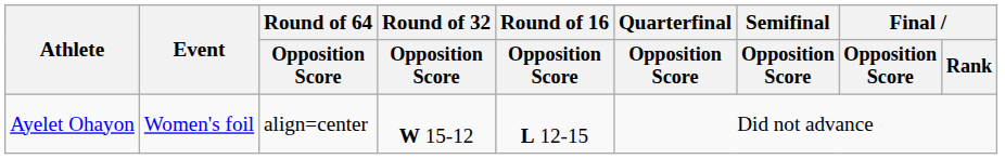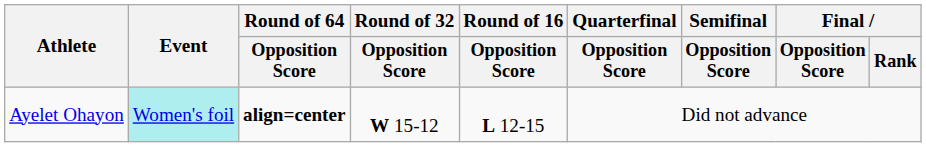 <table class="wikitable" style="font-size:90%">
 <tr>
 <th rowspan="2">Athlete</th>
 <th rowspan="2">Event</th>
 <th>Round of 64</th>
 <th>Round of 32</th>
 <th>Round of 16</th>
 <th>Quarterfinal</th>
 <th>Semifinal</th>
 <th colspan=2>Final / </th>
 </tr>
 <tr style="font-size:95%">
 <th>Opposition <br> Score</th>
 <th>Opposition <br> Score</th>
 <th>Opposition <br> Score</th>
 <th>Opposition <br> Score</th>
 <th>Opposition <br> Score</th>
 <th>Opposition <br> Score</th>
 <th>Rank</th>
 </tr>
 <tr>
 <td align=left><a href='#'>Ayelet Ohayon</a></td>
-<td align=left><a href='#'>Women's foil</a></td>
-<td>align=center </td>
+<td align=left style="background: paleturquoise;"><a href='#'>Women's foil</a></td>
+<td><strong>align=center </strong></td>
 <td align=center><br><strong>W</strong> 15-12</td>
 <td align=center><br><strong>L</strong> 12-15</td>
 <td align=center colspan=4>Did not advance</td>
 </tr>
 </table>
